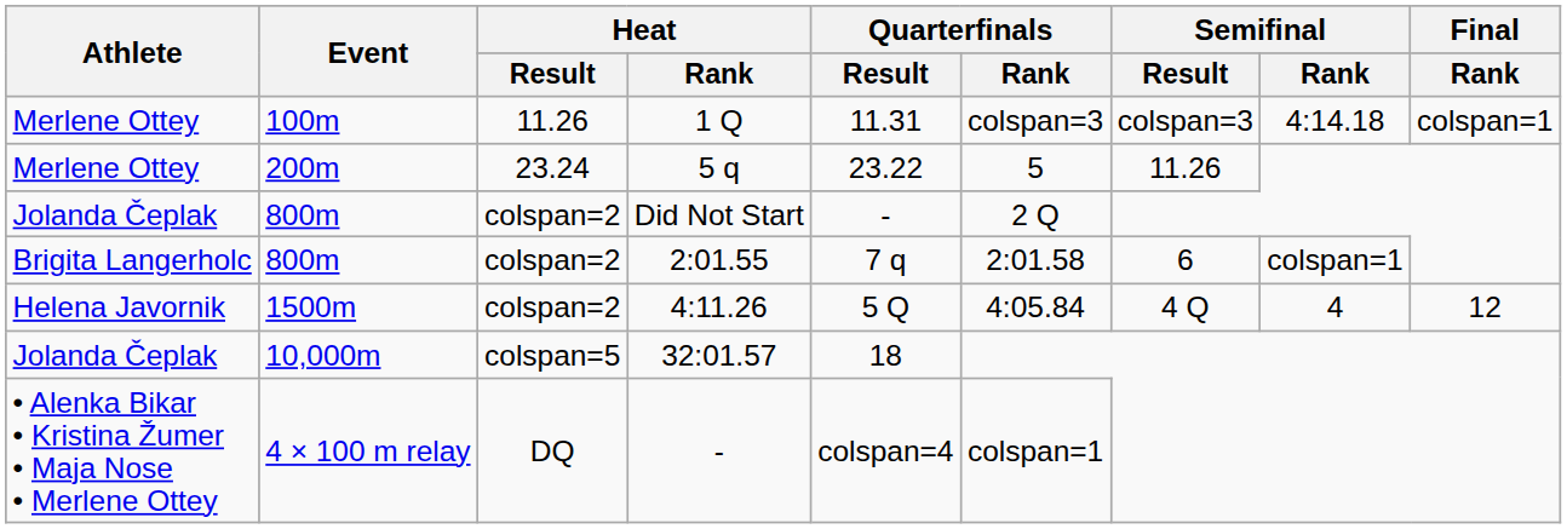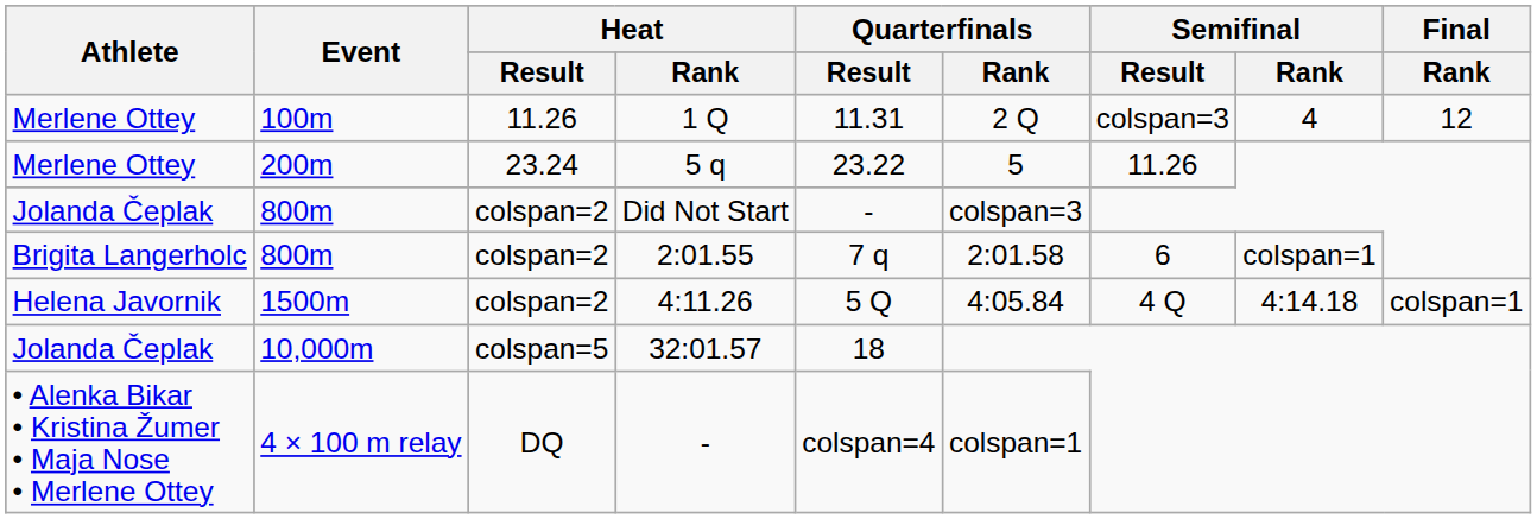 <table class="wikitable" style="font-size:90%">
 <tr>
 <th rowspan="2">Athlete</th>
 <th rowspan="2">Event</th>
 <th colspan="2">Heat</th>
 <th colspan="2">Quarterfinals</th>
 <th colspan="2">Semifinal</th>
 <th colspan="2">Final</th>
 </tr>
 <tr style="font-size:95%">
 <th>Result</th>
 <th>Rank</th>
 <th>Result</th>
 <th>Rank</th>
 <th>Result</th>
 <th>Rank</th>
 <th>Rank</th>
 </tr>
 <tr style=text-align:center>
 <td style=text-align:left><a href='#'>Merlene Ottey</a></td>
 <td style=text-align:left><a href='#'>100m</a></td>
 <td>11.26</td>
 <td>1 Q</td>
 <td>11.31</td>
+<td>2 Q</td>
 <td>colspan=3 </td>
-<td>colspan=3 </td>
-<td>4:14.18</td>
-<td>colspan=1 </td>
+<td>4</td>
+<td>12</td>
 </tr>
 <tr style=text-align:center>
 <td style=text-align:left><a href='#'>Merlene Ottey</a></td>
 <td style=text-align:left><a href='#'>200m</a></td>
 <td>23.24</td>
 <td>5 q</td>
 <td>23.22</td>
 <td>5</td>
 <td>11.26</td>
 </tr>
 <tr style=text-align:center>
 <td style=text-align:left><a href='#'>Jolanda Čeplak</a></td>
 <td style=text-align:left><a href='#'>800m</a></td>
 <td>colspan=2 </td>
 <td>Did Not Start</td>
 <td>-</td>
-<td>2 Q</td>
+<td>colspan=3 </td>
 </tr>
 <tr style=text-align:center>
 <td style=text-align:left><a href='#'>Brigita Langerholc</a></td>
 <td style=text-align:left><a href='#'>800m</a></td>
 <td>colspan=2 </td>
 <td>2:01.55</td>
 <td>7 q</td>
 <td>2:01.58</td>
 <td>6</td>
 <td>colspan=1 </td>
 </tr>
 <tr style=text-align:center>
 <td style=text-align:left><a href='#'>Helena Javornik</a></td>
 <td style=text-align:left><a href='#'>1500m</a></td>
 <td>colspan=2 </td>
 <td>4:11.26</td>
 <td>5 Q</td>
 <td>4:05.84</td>
 <td>4 Q</td>
-<td>4</td>
-<td>12</td>
+<td>4:14.18</td>
+<td>colspan=1 </td>
 </tr>
 <tr style=text-align:center>
 <td style=text-align:left><a href='#'>Jolanda Čeplak</a></td>
 <td style=text-align:left><a href='#'>10,000m</a></td>
 <td>colspan=5 </td>
 <td>32:01.57</td>
 <td>18</td>
 </tr>
 <tr style=text-align:center>
 <td style=text-align:left>• <a href='#'>Alenka Bikar</a><br>• <a href='#'>Kristina Žumer</a><br>• <a href='#'>Maja Nose</a><br>• <a href='#'>Merlene Ottey</a></td>
 <td style=text-align:left><a href='#'>4 × 100 m relay</a></td>
 <td>DQ</td>
 <td>-</td>
 <td>colspan=4 </td>
 <td>colspan=1 </td>
 </tr>
 </table>
